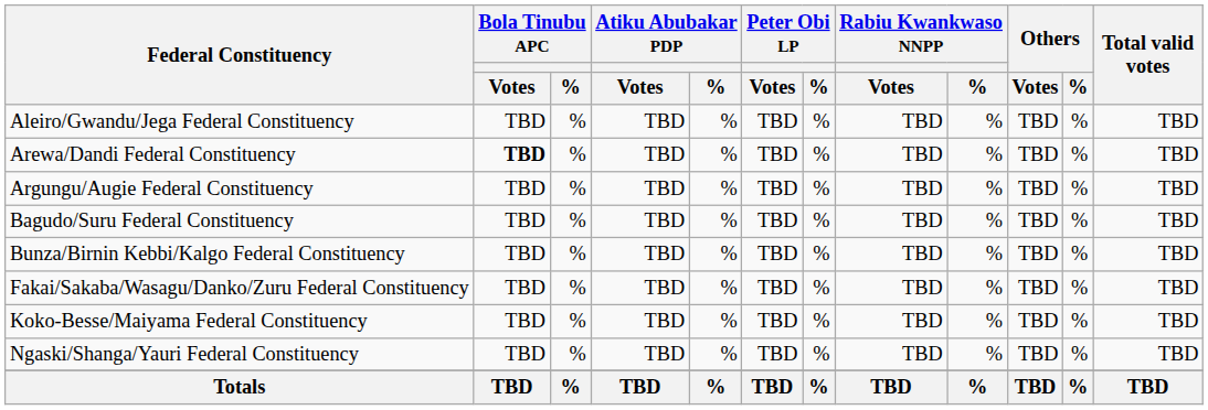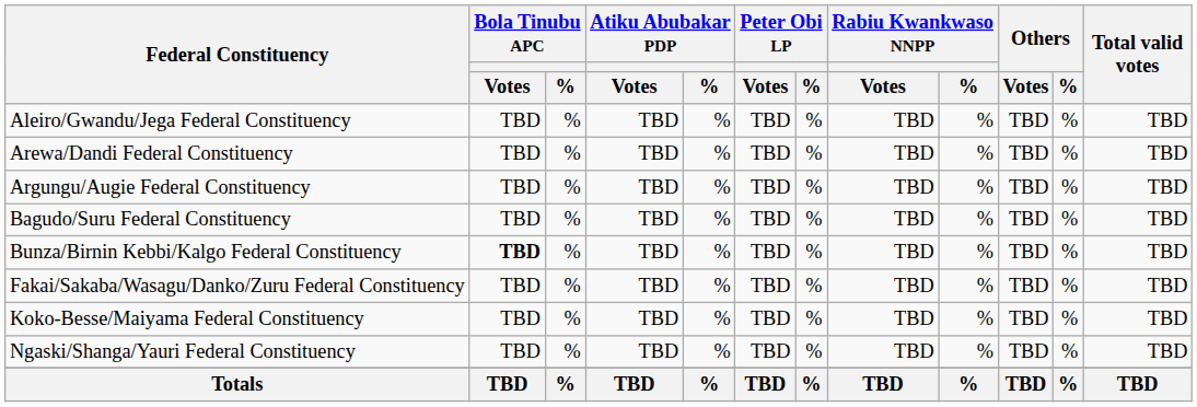 <table class="wikitable sortable" style="text-align:right; font-size:90%">
 <tr>
 <th rowspan="3" style="max-width:7.5em;">Federal Constituency</th>
 <th colspan="2"><a href='#'>Bola Tinubu</a><br><small>APC</small></th>
 <th colspan="2"><a href='#'>Atiku Abubakar</a><br><small>PDP</small></th>
 <th colspan="2"><a href='#'>Peter Obi</a><br><small>LP</small></th>
 <th colspan="2"><a href='#'>Rabiu Kwankwaso</a><br><small>NNPP</small></th>
 <th colspan="2" rowspan="2">Others</th>
 <th rowspan="3" style="max-width:5em;">Total valid votes</th>
 </tr>
 <tr>
 <th colspan=2 style="background-color:"></th>
 <th colspan=2 style="background-color:"></th>
 <th colspan=2 style="background-color:"></th>
 <th colspan=2 style="background-color:"></th>
 </tr>
 <tr>
 <th>Votes</th>
 <th>%</th>
 <th>Votes</th>
 <th>%</th>
 <th>Votes</th>
 <th>%</th>
 <th>Votes</th>
 <th>%</th>
 <th>Votes</th>
 <th>%</th>
 </tr>
 <tr style="background-color:#">
 <td style="text-align:left;">Aleiro/Gwandu/Jega Federal Constituency</td>
 <td>TBD</td>
 <td>%</td>
 <td>TBD</td>
 <td>%</td>
 <td>TBD</td>
 <td>%</td>
 <td>TBD</td>
 <td>%</td>
 <td>TBD</td>
 <td>%</td>
 <td>TBD</td>
 </tr>
 <tr style="background-color:#">
 <td style="text-align:left;">Arewa/Dandi Federal Constituency</td>
-<td><strong>TBD</strong></td>
+<td>TBD</td>
 <td>%</td>
 <td>TBD</td>
 <td>%</td>
 <td>TBD</td>
 <td>%</td>
 <td>TBD</td>
 <td>%</td>
 <td>TBD</td>
 <td>%</td>
 <td>TBD</td>
 </tr>
 <tr style="background-color:#">
 <td style="text-align:left;">Argungu/Augie Federal Constituency</td>
 <td>TBD</td>
 <td>%</td>
 <td>TBD</td>
 <td>%</td>
 <td>TBD</td>
 <td>%</td>
 <td>TBD</td>
 <td>%</td>
 <td>TBD</td>
 <td>%</td>
 <td>TBD</td>
 </tr>
 <tr style="background-color:#">
 <td style="text-align:left;">Bagudo/Suru Federal Constituency</td>
 <td>TBD</td>
 <td>%</td>
 <td>TBD</td>
 <td>%</td>
 <td>TBD</td>
 <td>%</td>
 <td>TBD</td>
 <td>%</td>
 <td>TBD</td>
 <td>%</td>
 <td>TBD</td>
 </tr>
 <tr style="background-color:#">
 <td style="text-align:left;">Bunza/Birnin Kebbi/Kalgo Federal Constituency</td>
-<td>TBD</td>
+<td><strong>TBD</strong></td>
 <td>%</td>
 <td>TBD</td>
 <td>%</td>
 <td>TBD</td>
 <td>%</td>
 <td>TBD</td>
 <td>%</td>
 <td>TBD</td>
 <td>%</td>
 <td>TBD</td>
 </tr>
 <tr style="background-color:#">
 <td style="text-align:left;">Fakai/Sakaba/Wasagu/Danko/Zuru Federal Constituency</td>
 <td>TBD</td>
 <td>%</td>
 <td>TBD</td>
 <td>%</td>
 <td>TBD</td>
 <td>%</td>
 <td>TBD</td>
 <td>%</td>
 <td>TBD</td>
 <td>%</td>
 <td>TBD</td>
 </tr>
 <tr style="background-color:#">
 <td style="text-align:left;">Koko-Besse/Maiyama Federal Constituency</td>
 <td>TBD</td>
 <td>%</td>
 <td>TBD</td>
 <td>%</td>
 <td>TBD</td>
 <td>%</td>
 <td>TBD</td>
 <td>%</td>
 <td>TBD</td>
 <td>%</td>
 <td>TBD</td>
 </tr>
 <tr style="background-color:#">
 <td style="text-align:left;">Ngaski/Shanga/Yauri Federal Constituency</td>
 <td>TBD</td>
 <td>%</td>
 <td>TBD</td>
 <td>%</td>
 <td>TBD</td>
 <td>%</td>
 <td>TBD</td>
 <td>%</td>
 <td>TBD</td>
 <td>%</td>
 <td>TBD</td>
 </tr>
 <tr>
 </tr>
 <tr>
 <th>Totals</th>
 <th>TBD</th>
 <th>%</th>
 <th>TBD</th>
 <th>%</th>
 <th>TBD</th>
 <th>%</th>
 <th>TBD</th>
 <th>%</th>
 <th>TBD</th>
 <th>%</th>
 <th>TBD</th>
 </tr>
 </table>
